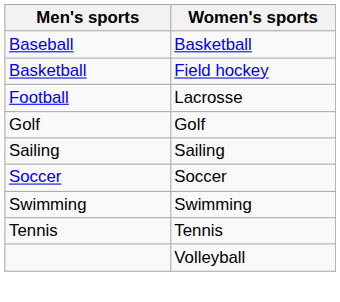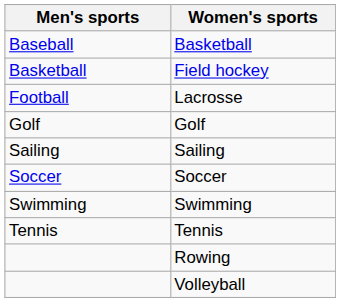 <table class="wikitable" style="float:right; clear:right; margin:0 0 1em 1em;">
 <tr>
 <th width=150px>Men's sports</th>
 <th width=150px>Women's sports</th>
 </tr>
 <tr>
 <td><a href='#'>Baseball</a></td>
 <td><a href='#'>Basketball</a></td>
 </tr>
 <tr>
 <td><a href='#'>Basketball</a></td>
 <td><a href='#'>Field hockey</a></td>
 </tr>
 <tr>
 <td><a href='#'>Football</a></td>
 <td>Lacrosse</td>
 </tr>
 <tr>
 <td>Golf</td>
 <td>Golf</td>
 </tr>
 <tr>
 <td>Sailing</td>
 <td>Sailing</td>
 </tr>
 <tr>
 <td><a href='#'>Soccer</a></td>
 <td>Soccer</td>
 </tr>
 <tr>
 <td>Swimming</td>
 <td>Swimming</td>
 </tr>
 <tr>
 <td>Tennis</td>
 <td>Tennis</td>
 </tr>
 <tr>
 <td></td>
+<td>Rowing</td>
+</tr>
+<tr>
+<td></td>
 <td>Volleyball</td>
 </tr>
 </table>
